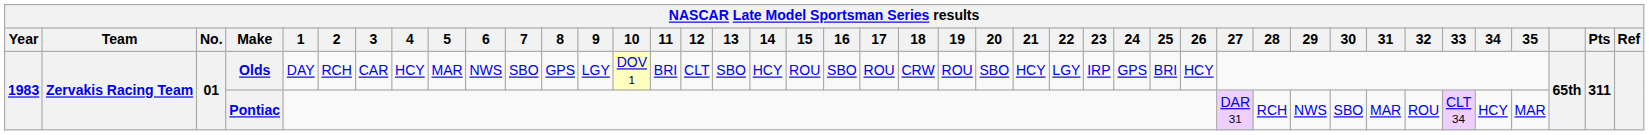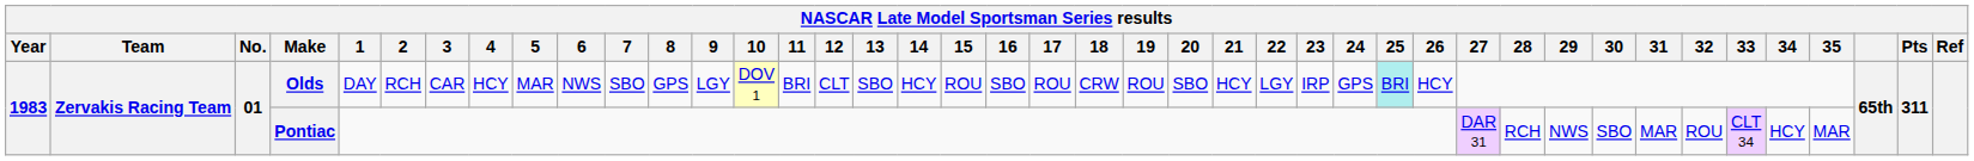 <table class="wikitable" style="text-align:center; font-size:75%">
 <tr>
 <th colspan=42><a href='#'>NASCAR</a> <a href='#'>Late Model Sportsman Series</a> results</th>
 </tr>
 <tr>
 <th>Year</th>
 <th>Team</th>
 <th>No.</th>
 <th>Make</th>
 <th>1</th>
 <th>2</th>
 <th>3</th>
 <th>4</th>
 <th>5</th>
 <th>6</th>
 <th>7</th>
 <th>8</th>
 <th>9</th>
 <th>10</th>
 <th>11</th>
 <th>12</th>
 <th>13</th>
 <th>14</th>
 <th>15</th>
 <th>16</th>
 <th>17</th>
 <th>18</th>
 <th>19</th>
 <th>20</th>
 <th>21</th>
 <th>22</th>
 <th>23</th>
 <th>24</th>
 <th>25</th>
 <th>26</th>
 <th>27</th>
 <th>28</th>
 <th>29</th>
 <th>30</th>
 <th>31</th>
 <th>32</th>
 <th>33</th>
 <th>34</th>
 <th>35</th>
 <th></th>
 <th>Pts</th>
 <th>Ref</th>
 </tr>
 <tr>
 <th rowspan=2><a href='#'>1983</a></th>
 <th rowspan=2><a href='#'>Zervakis Racing Team</a></th>
 <th rowspan=2>01</th>
 <th><a href='#'>Olds</a></th>
 <td><a href='#'>DAY</a></td>
 <td><a href='#'>RCH</a></td>
 <td><a href='#'>CAR</a></td>
 <td><a href='#'>HCY</a></td>
 <td><a href='#'>MAR</a></td>
 <td><a href='#'>NWS</a></td>
 <td><a href='#'>SBO</a></td>
 <td><a href='#'>GPS</a></td>
 <td><a href='#'>LGY</a></td>
 <td style="background:#FFFFBF;"><a href='#'>DOV</a><br><small>1</small></td>
 <td><a href='#'>BRI</a></td>
 <td><a href='#'>CLT</a></td>
 <td><a href='#'>SBO</a></td>
 <td><a href='#'>HCY</a></td>
 <td><a href='#'>ROU</a></td>
 <td><a href='#'>SBO</a></td>
 <td><a href='#'>ROU</a></td>
 <td><a href='#'>CRW</a></td>
 <td><a href='#'>ROU</a></td>
 <td><a href='#'>SBO</a></td>
 <td><a href='#'>HCY</a></td>
 <td><a href='#'>LGY</a></td>
 <td><a href='#'>IRP</a></td>
 <td><a href='#'>GPS</a></td>
-<td><a href='#'>BRI</a></td>
+<td style="background: paleturquoise;"><a href='#'>BRI</a></td>
 <td><a href='#'>HCY</a></td>
 <td colspan=9></td>
 <th rowspan=2>65th</th>
 <th rowspan=2>311</th>
 <th rowspan=2></th>
 </tr>
 <tr>
 <th><a href='#'>Pontiac</a></th>
 <td colspan=26></td>
 <td style="background:#EFCFFF;"><a href='#'>DAR</a><br><small>31</small></td>
 <td><a href='#'>RCH</a></td>
 <td><a href='#'>NWS</a></td>
 <td><a href='#'>SBO</a></td>
 <td><a href='#'>MAR</a></td>
 <td><a href='#'>ROU</a></td>
 <td style="background:#EFCFFF;"><a href='#'>CLT</a><br><small>34</small></td>
 <td><a href='#'>HCY</a></td>
 <td><a href='#'>MAR</a></td>
 </tr>
 </table>
